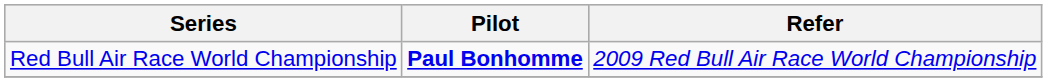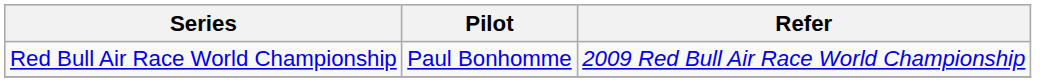 <table class="wikitable" style="font-size:87%;">
 <tr>
 <th>Series</th>
 <th>Pilot</th>
 <th>Refer</th>
 </tr>
 <tr>
 <td><a href='#'>Red Bull Air Race World Championship</a></td>
-<td><strong> <a href='#'>Paul Bonhomme</a></strong></td>
+<td> <a href='#'>Paul Bonhomme</a></td>
 <td><em><a href='#'>2009 Red Bull Air Race World Championship</a></em></td>
 </tr>
 <tr>
 </tr>
 </table>
